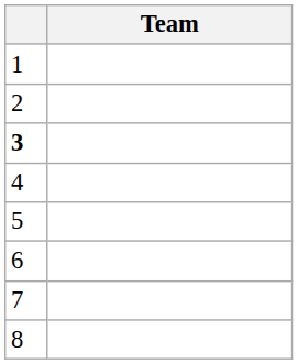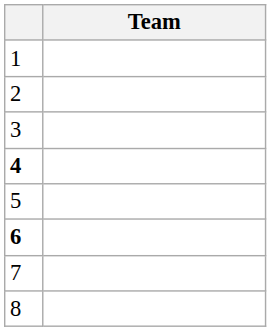 <table class="wikitable">
 <tr>
 <th width=20></th>
 <th width=150>Team</th>
 </tr>
 <tr style="background:#ffffff;">
 <td>1</td>
 <td></td>
 </tr>
 <tr style="background:#ffffff;">
 <td>2</td>
 <td></td>
 </tr>
 <tr style="background:#ffffff;">
-<td><strong>3</strong></td>
+<td>3</td>
 <td></td>
 </tr>
 <tr style="background:#ffffff;">
-<td>4</td>
+<td><strong>4</strong></td>
 <td></td>
 </tr>
 <tr style="background:#ffffff;">
 <td>5</td>
 <td></td>
 </tr>
 <tr style="background:#ffffff;">
-<td>6</td>
+<td><strong>6</strong></td>
 <td></td>
 </tr>
 <tr style="background:#ffffff;">
 <td>7</td>
 <td></td>
 </tr>
 <tr style="background:#ffffff;">
 <td>8</td>
 <td></td>
 </tr>
 </table>
